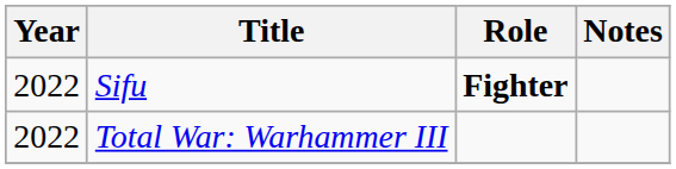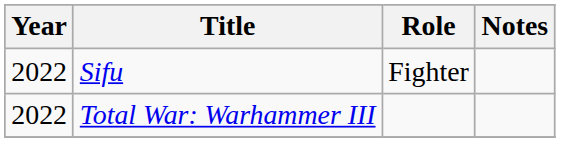 <table class="wikitable sortable">
 <tr>
 <th>Year</th>
 <th>Title</th>
 <th>Role</th>
 <th class="unsortable">Notes</th>
 </tr>
 <tr>
 <td>2022</td>
 <td><em><a href='#'>Sifu</a></em></td>
-<td><strong>Fighter</strong></td>
+<td>Fighter</td>
 <td></td>
 </tr>
 <tr>
 <td>2022</td>
 <td><em><a href='#'>Total War: Warhammer III</a></em></td>
 <td></td>
 <td></td>
 </tr>
 <tr>
 </tr>
 </table>
